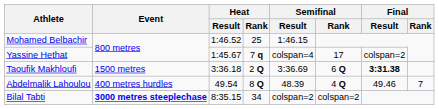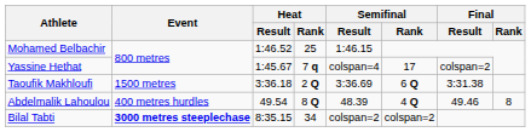 <table class="wikitable"  style=font-size:90%>
 <tr>
 <th rowspan="2">Athlete</th>
 <th rowspan="2">Event</th>
 <th colspan="2">Heat</th>
 <th colspan="2">Semifinal</th>
 <th colspan="2">Final</th>
 </tr>
 <tr>
 <th>Result</th>
 <th>Rank</th>
 <th>Result</th>
 <th>Rank</th>
 <th>Result</th>
 <th>Rank</th>
 </tr>
 <tr style=text-align:center>
 <td style=text-align:left><a href='#'>Mohamed Belbachir</a></td>
 <td style=text-align:left rowspan=2><a href='#'>800 metres</a></td>
 <td>1:46.52</td>
 <td>25</td>
 <td>1:46.15</td>
 </tr>
 <tr style=text-align:center>
 <td style=text-align:left><a href='#'>Yassine Hethat</a></td>
 <td>1:45.67</td>
 <td>7 <strong>q</strong></td>
 <td>colspan=4</td>
 <td>17</td>
 <td>colspan=2</td>
 </tr>
 <tr style=text-align:center>
 <td style=text-align:left><a href='#'>Taoufik Makhloufi</a></td>
 <td style=text-align:left><a href='#'>1500 metres</a></td>
 <td>3:36.18</td>
 <td>2 <strong>Q</strong></td>
 <td>3:36.69</td>
 <td>6 <strong>Q</strong></td>
-<td><strong>3:31.38 </strong></td>
+<td>3:31.38 </td>
 <td></td>
 </tr>
 <tr style=text-align:center>
 <td style=text-align:left><a href='#'>Abdelmalik Lahoulou</a></td>
 <td style=text-align:left><a href='#'>400 metres hurdles</a></td>
 <td>49.54</td>
 <td>8 <strong>Q</strong></td>
 <td>48.39 </td>
 <td>4 <strong>Q</strong></td>
 <td>49.46</td>
-<td>7</td>
+<td>8</td>
 </tr>
 <tr style=text-align:center>
 <td style=text-align:left><a href='#'>Bilal Tabti</a></td>
 <td style=text-align:left><strong><a href='#'>3000 metres steeplechase</a></strong></td>
 <td>8:35.15</td>
 <td>34</td>
 <td>colspan=2</td>
 <td>colspan=2</td>
 </tr>
 </table>
